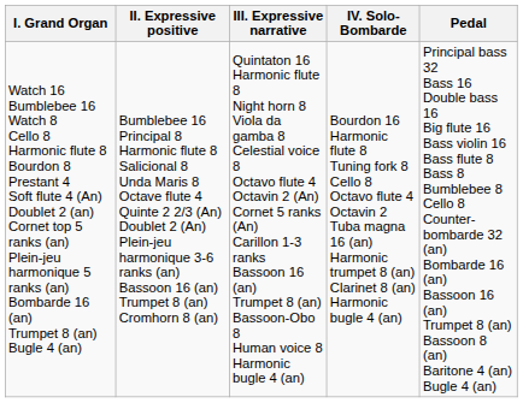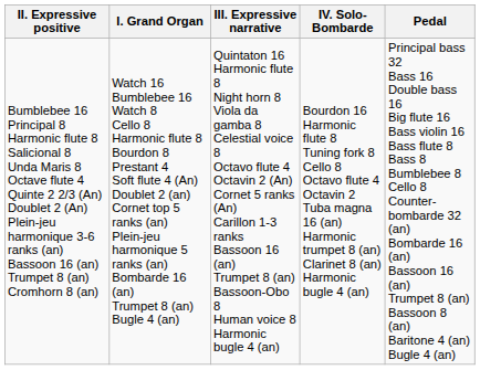 <table class="wikitable">
 <tr>
+<th><strong>II.</strong> <strong>Expressive positive</strong></th>
 <th><strong>I.</strong> <strong>Grand Organ</strong></th>
-<th><strong>II.</strong> <strong>Expressive positive</strong></th>
 <th><strong>III.</strong> <strong>Expressive narrative</strong></th>
 <th><strong>IV.</strong> <strong>Solo-Bombarde</strong></th>
 <th><strong>Pedal</strong></th>
 </tr>
 <tr>
+<td>Bumblebee 16<br>Principal 8<br>Harmonic flute 8<br>Salicional 8<br>Unda Maris 8<br>Octave flute 4<br>Quinte 2 2/3 (An)<br>Doublet 2 (An)<br>Plein-jeu harmonique 3-6 ranks (an)<br>Bassoon 16 (an)<br>Trumpet 8 (an)<br>Cromhorn 8 (an)</td>
 <td>Watch 16<br>Bumblebee 16<br>Watch 8<br>Cello 8<br>Harmonic flute 8<br>Bourdon 8<br>Prestant 4<br>Soft flute 4 (An)<br>Doublet 2 (an)<br>Cornet top 5 ranks (an)<br>Plein-jeu harmonique 5 ranks (an)<br>Bombarde 16 (an)<br>Trumpet 8 (an)<br>Bugle 4 (an)</td>
-<td>Bumblebee 16<br>Principal 8<br>Harmonic flute 8<br>Salicional 8<br>Unda Maris 8<br>Octave flute 4<br>Quinte 2 2/3 (An)<br>Doublet 2 (An)<br>Plein-jeu harmonique 3-6 ranks (an)<br>Bassoon 16 (an)<br>Trumpet 8 (an)<br>Cromhorn 8 (an)</td>
 <td>Quintaton 16<br>Harmonic flute 8<br>Night horn 8<br>Viola da gamba 8<br>Celestial voice 8<br>Octavo flute 4<br>Octavin 2 (An)<br>Cornet 5 ranks (An)<br>Carillon 1-3 ranks<br>Bassoon 16 (an)<br>Trumpet 8 (an)<br>Bassoon-Obo 8<br>Human voice 8<br>Harmonic bugle 4 (an)</td>
 <td>Bourdon 16<br>Harmonic flute 8<br>Tuning fork 8<br>Cello 8<br>Octavo flute 4<br>Octavin 2<br>Tuba magna 16 (an)<br>Harmonic trumpet 8 (an)<br>Clarinet 8 (an)<br>Harmonic bugle 4 (an)</td>
 <td>Principal bass 32<br>Bass 16<br>Double bass 16<br>Big flute 16<br>Bass violin 16<br>Bass flute 8<br>Bass 8<br>Bumblebee 8<br>Cello 8<br>Counter-bombarde 32 (an)<br>Bombarde 16 (an)<br>Bassoon 16 (an)<br>Trumpet 8 (an)<br>Bassoon 8 (an)<br>Baritone 4 (an)<br>Bugle 4 (an)</td>
 </tr>
 </table>
